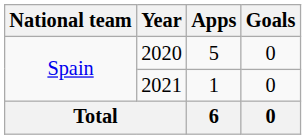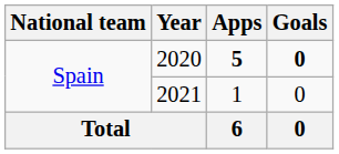 <table class="wikitable" style="text-align: center;">
 <tr>
 <th>National team</th>
 <th>Year</th>
 <th>Apps</th>
 <th>Goals</th>
 </tr>
 <tr>
 <td rowspan="2"><a href='#'>Spain</a></td>
 <td>2020</td>
-<td>5</td>
-<td>0</td>
+<td><strong>5</strong></td>
+<td><strong>0</strong></td>
 </tr>
 <tr>
 <td>2021</td>
 <td>1</td>
 <td>0</td>
 </tr>
 <tr>
 <th colspan="2">Total</th>
 <th>6</th>
 <th>0</th>
 </tr>
 </table>
